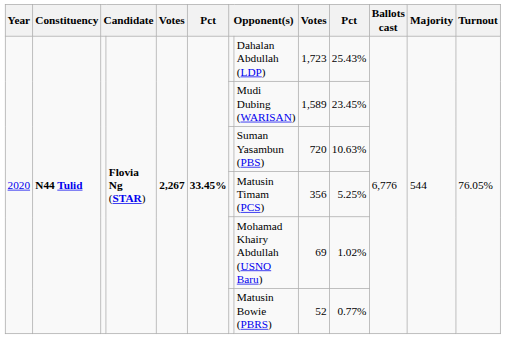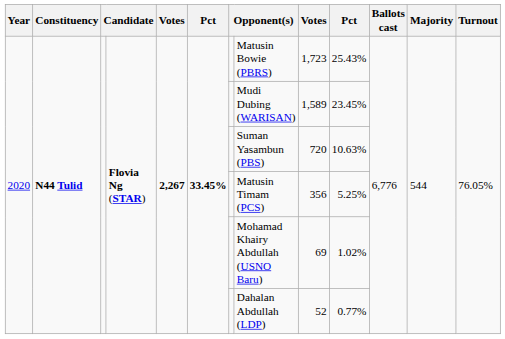 <table class="wikitable" style="margin:0.5em ; font-size:95%">
 <tr>
 <th>Year</th>
 <th>Constituency</th>
 <th colspan=2>Candidate</th>
 <th>Votes</th>
 <th>Pct</th>
 <th colspan=2>Opponent(s)</th>
 <th>Votes</th>
 <th>Pct</th>
 <th>Ballots cast</th>
 <th>Majority</th>
 <th>Turnout</th>
 </tr>
 <tr>
 <td rowspan=6><a href='#'>2020</a></td>
 <td rowspan=6><strong>N44 <a href='#'>Tulid</a></strong></td>
 <td rowspan=6 ></td>
 <td rowspan=6><strong>Flovia Ng</strong> (<a href='#'><strong>STAR</strong></a>)</td>
 <td rowspan=6 align="right"><strong>2,267</strong></td>
 <td rowspan=6><strong>33.45%</strong></td>
 <td></td>
-<td>Dahalan Abdullah (<a href='#'>LDP</a>)</td>
+<td>Matusin Bowie (<a href='#'>PBRS</a>)</td>
 <td align="right">1,723</td>
 <td>25.43%</td>
 <td rowspan=6>6,776</td>
 <td rowspan=6>544</td>
 <td rowspan=6>76.05%</td>
 </tr>
 <tr>
 <td></td>
 <td>Mudi Dubing (<a href='#'>WARISAN</a>)</td>
 <td align="right">1,589</td>
 <td>23.45%</td>
 </tr>
 <tr>
 <td></td>
 <td>Suman Yasambun (<a href='#'>PBS</a>)</td>
 <td align="right">720</td>
 <td>10.63%</td>
 </tr>
 <tr>
 <td></td>
 <td>Matusin Timam (<a href='#'>PCS</a>)</td>
 <td align="right">356</td>
 <td align="right">5.25%</td>
 </tr>
 <tr>
 <td bgcolor=></td>
 <td>Mohamad Khairy Abdullah (<a href='#'>USNO Baru</a>)</td>
 <td align="right">69</td>
 <td align="right">1.02%</td>
 </tr>
 <tr>
 <td bgcolor=></td>
-<td>Matusin Bowie (<a href='#'>PBRS</a>)</td>
+<td>Dahalan Abdullah (<a href='#'>LDP</a>)</td>
 <td align="right">52</td>
 <td align="right">0.77%</td>
 </tr>
 </table>
